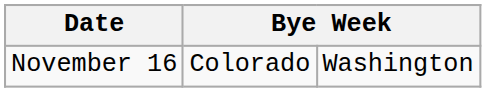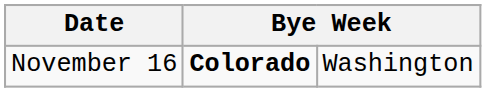 <table class="wikitable" style="font-size:95%;">
 <tr>
 <th>Date</th>
 <th colspan="2">Bye Week</th>
 </tr>
 <tr>
 <td>November 16</td>
-<td>Colorado</td>
+<td><strong>Colorado</strong></td>
 <td>Washington</td>
 </tr>
 </table>
